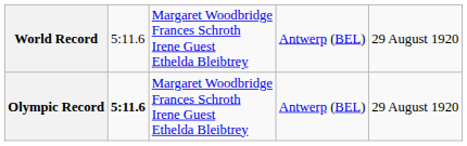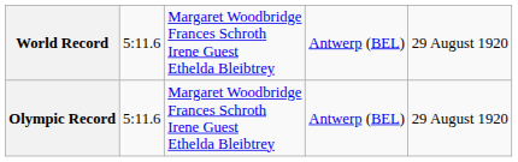 <table class="wikitable" style="text-align:left">
 <tr>
 <th>World Record</th>
 <td>5:11.6</td>
 <td> <a href='#'>Margaret Woodbridge</a><br> <a href='#'>Frances Schroth</a><br> <a href='#'>Irene Guest</a><br> <a href='#'>Ethelda Bleibtrey</a></td>
 <td><a href='#'>Antwerp</a> (<a href='#'>BEL</a>)</td>
 <td>29 August 1920</td>
 </tr>
 <tr>
 <th>Olympic Record</th>
-<td><strong>5:11.6</strong></td>
+<td>5:11.6</td>
 <td> <a href='#'>Margaret Woodbridge</a><br> <a href='#'>Frances Schroth</a><br> <a href='#'>Irene Guest</a><br> <a href='#'>Ethelda Bleibtrey</a></td>
 <td><a href='#'>Antwerp</a> (<a href='#'>BEL</a>)</td>
 <td>29 August 1920</td>
 </tr>
 </table>
